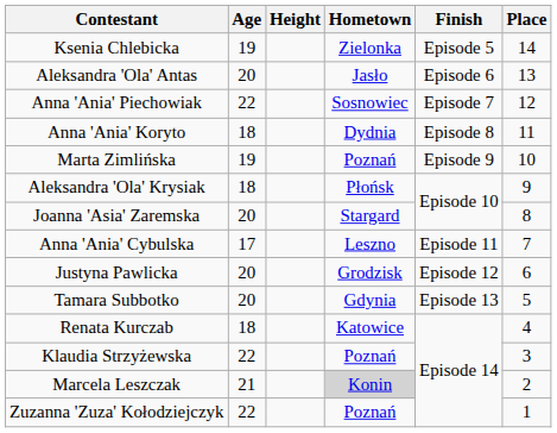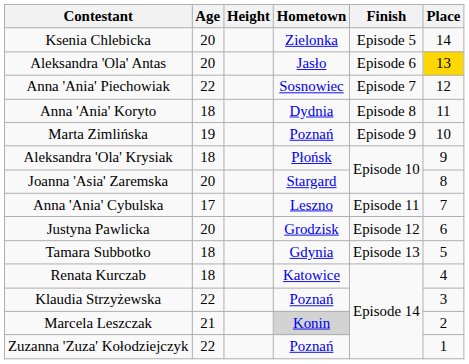 <table class="wikitable sortable" style="text-align:center;">
 <tr>
 <th>Contestant</th>
 <th>Age</th>
 <th>Height</th>
 <th>Hometown</th>
 <th>Finish</th>
 <th>Place</th>
 </tr>
 <tr>
 <td>Ksenia Chlebicka</td>
-<td>19</td>
+<td>20</td>
 <td></td>
 <td><a href='#'>Zielonka</a></td>
 <td>Episode 5</td>
 <td>14</td>
 </tr>
 <tr>
 <td>Aleksandra 'Ola' Antas</td>
 <td>20</td>
 <td></td>
 <td><a href='#'>Jasło</a></td>
 <td>Episode 6</td>
-<td>13</td>
+<td style="background: gold;">13</td>
 </tr>
 <tr>
 <td>Anna 'Ania' Piechowiak</td>
 <td>22</td>
 <td></td>
 <td><a href='#'>Sosnowiec</a></td>
 <td>Episode 7</td>
 <td>12</td>
 </tr>
 <tr>
 <td>Anna 'Ania' Koryto</td>
 <td>18</td>
 <td></td>
 <td><a href='#'>Dydnia</a></td>
 <td>Episode 8</td>
 <td>11</td>
 </tr>
 <tr>
 <td>Marta Zimlińska</td>
 <td>19</td>
 <td></td>
 <td><a href='#'>Poznań</a></td>
 <td>Episode 9</td>
 <td>10</td>
 </tr>
 <tr>
 <td>Aleksandra 'Ola' Krysiak</td>
 <td>18</td>
 <td></td>
 <td><a href='#'>Płońsk</a></td>
 <td rowspan="2">Episode 10</td>
 <td>9</td>
 </tr>
 <tr>
 <td>Joanna 'Asia' Zaremska</td>
 <td>20</td>
 <td></td>
 <td><a href='#'>Stargard</a></td>
 <td>8</td>
 </tr>
 <tr>
 <td>Anna 'Ania' Cybulska</td>
 <td>17</td>
 <td></td>
 <td><a href='#'>Leszno</a></td>
 <td>Episode 11</td>
 <td>7</td>
 </tr>
 <tr>
 <td>Justyna Pawlicka</td>
 <td>20</td>
 <td></td>
 <td><a href='#'>Grodzisk</a></td>
 <td>Episode 12</td>
 <td>6</td>
 </tr>
 <tr>
 <td>Tamara Subbotko</td>
-<td>20</td>
+<td>18</td>
 <td></td>
 <td><a href='#'>Gdynia</a></td>
 <td>Episode 13</td>
 <td>5</td>
 </tr>
 <tr>
 <td>Renata Kurczab</td>
 <td>18</td>
 <td></td>
 <td><a href='#'>Katowice</a></td>
 <td rowspan="4">Episode 14</td>
 <td>4</td>
 </tr>
 <tr>
 <td>Klaudia Strzyżewska</td>
 <td>22</td>
 <td></td>
 <td><a href='#'>Poznań</a></td>
 <td>3</td>
 </tr>
 <tr>
 <td>Marcela Leszczak</td>
 <td>21</td>
 <td></td>
 <td style="background: lightgrey;"><a href='#'>Konin</a></td>
 <td>2</td>
 </tr>
 <tr>
 <td>Zuzanna 'Zuza' Kołodziejczyk</td>
 <td>22</td>
 <td></td>
 <td><a href='#'>Poznań</a></td>
 <td>1</td>
 </tr>
 </table>
